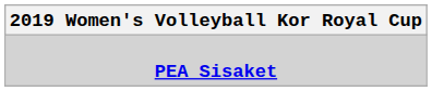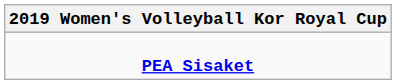 <table class=wikitable style="text-align:center; margin:auto">
 <tr>
 <th>2019 Women's Volleyball Kor Royal Cup</th>
 </tr>
 <tr>
-<td style="background: lightgrey;"><br><strong><a href='#'>PEA Sisaket</a></strong></td>
+<td><br><strong><a href='#'>PEA Sisaket</a></strong></td>
 </tr>
 </table>
